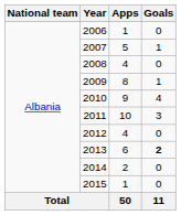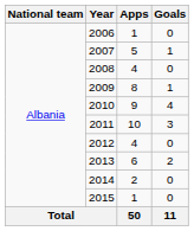 <table class=wikitable style="text-align: center">
 <tr>
 <th>National team</th>
 <th>Year</th>
 <th>Apps</th>
 <th>Goals</th>
 </tr>
 <tr>
 <td rowspan="10"><a href='#'>Albania</a></td>
 <td>2006</td>
 <td>1</td>
 <td>0</td>
 </tr>
 <tr>
 <td>2007</td>
 <td>5</td>
 <td>1</td>
 </tr>
 <tr>
 <td>2008</td>
 <td>4</td>
 <td>0</td>
 </tr>
 <tr>
 <td>2009</td>
 <td>8</td>
 <td>1</td>
 </tr>
 <tr>
 <td>2010</td>
 <td>9</td>
 <td>4</td>
 </tr>
 <tr>
 <td>2011</td>
 <td>10</td>
 <td>3</td>
 </tr>
 <tr>
 <td>2012</td>
 <td>4</td>
 <td>0</td>
 </tr>
 <tr>
 <td>2013</td>
 <td>6</td>
-<td><strong>2</strong></td>
+<td>2</td>
 </tr>
 <tr>
 <td>2014</td>
 <td>2</td>
 <td>0</td>
 </tr>
 <tr>
 <td>2015</td>
 <td>1</td>
 <td>0</td>
 </tr>
 <tr>
 <th colspan="2">Total</th>
 <th>50</th>
 <th>11</th>
 </tr>
 </table>
